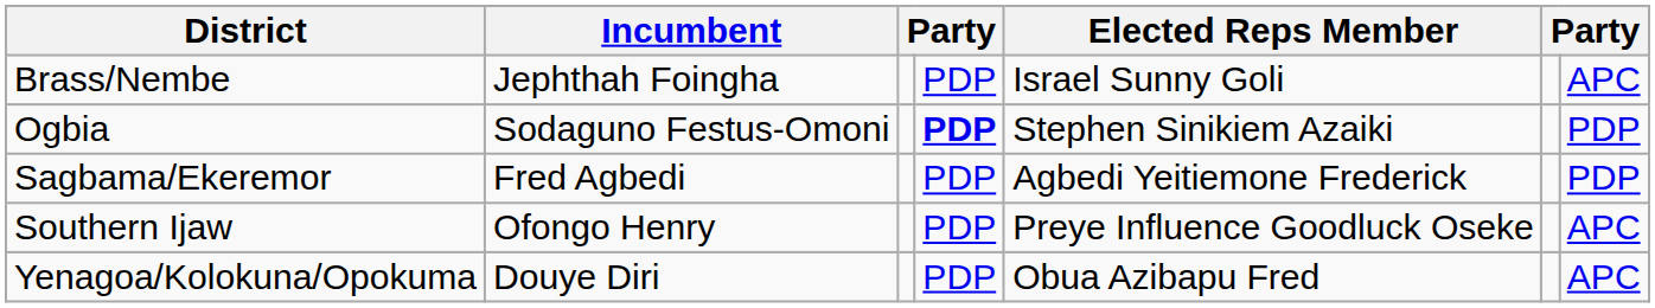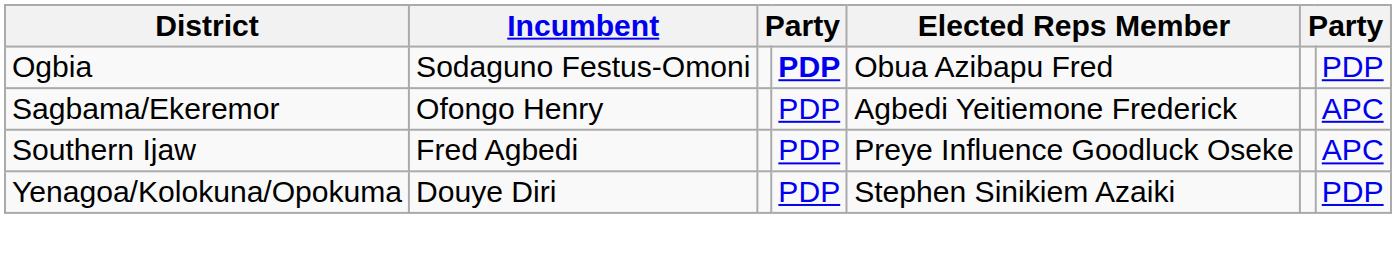 <table class="sortable wikitable" style="font-size:95%;line-height:14px;">
 <tr>
 <th class="unsortable">District</th>
 <th class="unsortable"><a href='#'>Incumbent</a></th>
 <th colspan="2">Party</th>
 <th class="unsortable">Elected Reps Member</th>
 <th colspan="2">Party</th>
 </tr>
 <tr>
-<td>Brass/Nembe</td>
-<td>Jephthah Foingha</td>
-<td style="background-color:"></td>
-<td><a href='#'>PDP</a></td>
-<td>Israel Sunny Goli</td>
-<td style="background-color:"></td>
-<td><a href='#'>APC</a></td>
-</tr>
-<tr>
 <td>Ogbia</td>
 <td>Sodaguno Festus-Omoni</td>
 <td style="background-color:"></td>
 <td><strong><a href='#'>PDP</a></strong></td>
-<td>Stephen Sinikiem Azaiki</td>
+<td>Obua Azibapu Fred</td>
 <td style="background-color:"></td>
 <td><a href='#'>PDP</a></td>
 </tr>
 <tr>
 <td>Sagbama/Ekeremor</td>
-<td>Fred Agbedi</td>
+<td>Ofongo Henry</td>
 <td style="background-color:"></td>
 <td><a href='#'>PDP</a></td>
 <td>Agbedi Yeitiemone Frederick</td>
 <td style="background-color:"></td>
-<td><a href='#'>PDP</a></td>
+<td><a href='#'>APC</a></td>
 </tr>
 <tr>
 <td>Southern Ijaw</td>
-<td>Ofongo Henry</td>
+<td>Fred Agbedi</td>
 <td style="background-color:"></td>
 <td><a href='#'>PDP</a></td>
 <td>Preye Influence Goodluck Oseke</td>
 <td style="background-color:"></td>
 <td><a href='#'>APC</a></td>
 </tr>
 <tr>
 <td>Yenagoa/Kolokuna/Opokuma</td>
 <td>Douye Diri</td>
 <td style="background-color:"></td>
 <td><a href='#'>PDP</a></td>
-<td>Obua Azibapu Fred</td>
+<td>Stephen Sinikiem Azaiki</td>
 <td style="background-color:"></td>
-<td><a href='#'>APC</a></td>
+<td><a href='#'>PDP</a></td>
 </tr>
 </table>
